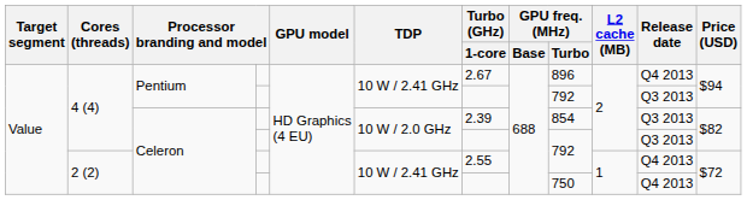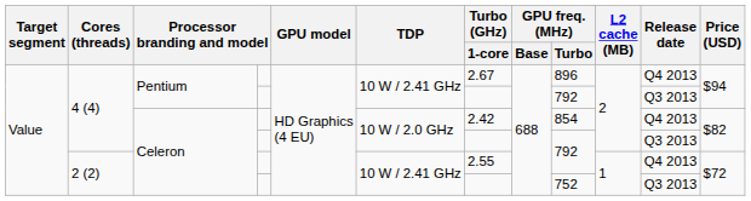 <table class="wikitable">
 <tr>
 <th rowspan=2>Target<br>segment</th>
 <th rowspan=2>Cores<br>(threads)</th>
 <th colspan=2 rowspan="2">Processor<br>branding and model</th>
 <th rowspan=2>GPU model</th>
 <th rowspan=2>TDP</th>
 <th>Turbo<br>(GHz)</th>
 <th colspan=2>GPU freq.<br>(MHz)</th>
 <th rowspan=2><a href='#'>L2<br>cache</a><br>(MB)</th>
 <th rowspan=2>Release<br>date</th>
 <th rowspan=2>Price<br>(USD)</th>
 </tr>
 <tr>
 <th>1-core</th>
 <th>Base</th>
 <th>Turbo</th>
 </tr>
 <tr>
 <td rowspan="6">Value</td>
 <td rowspan="4">4 (4)</td>
 <td rowspan="2">Pentium</td>
 <td></td>
 <td rowspan="6">HD Graphics<br> (4 EU)</td>
 <td rowspan="2">10 W / 2.41 GHz</td>
 <td>2.67</td>
 <td rowspan="6">688</td>
 <td>896</td>
 <td rowspan="4">2</td>
 <td>Q4 2013</td>
 <td rowspan="2">$94</td>
 </tr>
 <tr>
 <td></td>
 <td></td>
 <td>792</td>
 <td>Q3 2013</td>
 </tr>
 <tr>
 <td rowspan="4">Celeron</td>
 <td></td>
 <td rowspan="2">10 W / 2.0 GHz</td>
-<td>2.39</td>
+<td>2.42</td>
 <td>854</td>
-<td>Q3 2013</td>
+<td>Q4 2013</td>
 <td rowspan="2">$82</td>
 </tr>
 <tr>
 <td></td>
 <td></td>
 <td rowspan="2">792</td>
 <td>Q3 2013</td>
 </tr>
 <tr>
 <td rowspan="2">2 (2)</td>
 <td></td>
 <td rowspan="2">10 W / 2.41 GHz</td>
 <td>2.55</td>
 <td rowspan="2">1</td>
 <td>Q4 2013</td>
 <td rowspan="2">$72</td>
 </tr>
 <tr>
 <td></td>
 <td></td>
-<td>750</td>
-<td>Q4 2013</td>
+<td>752</td>
+<td>Q3 2013</td>
 </tr>
 </table>
